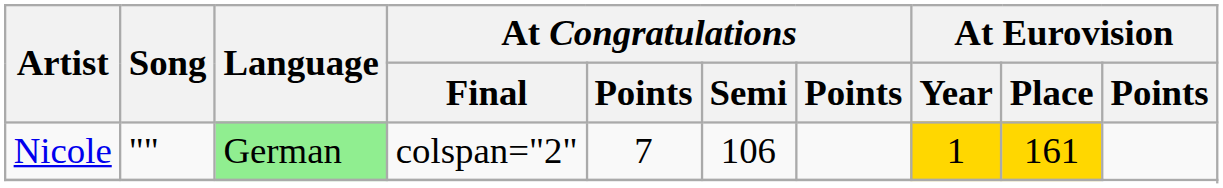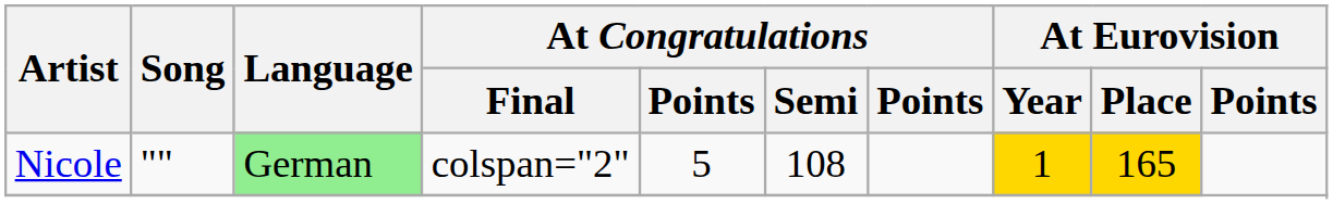 <table class="wikitable">
 <tr>
 <th scope="col" rowspan="2">Artist</th>
 <th scope="col" rowspan="2">Song</th>
 <th scope="col" rowspan="2">Language</th>
 <th scope="colgroup" colspan="4">At <em>Congratulations</em></th>
 <th scope="colgroup" colspan="3">At Eurovision</th>
 </tr>
 <tr>
 <th scope="col">Final</th>
 <th scope="col">Points</th>
 <th scope="col">Semi</th>
 <th scope="col">Points</th>
 <th scope="col">Year</th>
 <th scope="col">Place</th>
 <th scope="col">Points</th>
 </tr>
 <tr>
 <td><a href='#'>Nicole</a></td>
 <td>""</td>
 <td style="background: lightgreen;">German</td>
 <td>colspan="2" </td>
-<td style="text-align:center;">7</td>
-<td style="text-align:center;">106</td>
+<td style="text-align:center;">5</td>
+<td style="text-align:center;">108</td>
 <td style="text-align:center;"></td>
 <td style="text-align:center; background-color:#FFD700;">1</td>
-<td style="text-align:center; background-color:#FFD700;">161</td>
+<td style="text-align:center; background-color:#FFD700;">165</td>
 </tr>
 <tr>
 </tr>
 </table>
